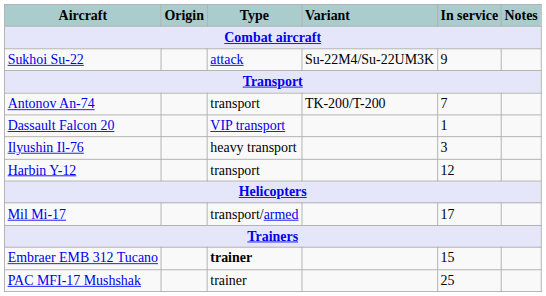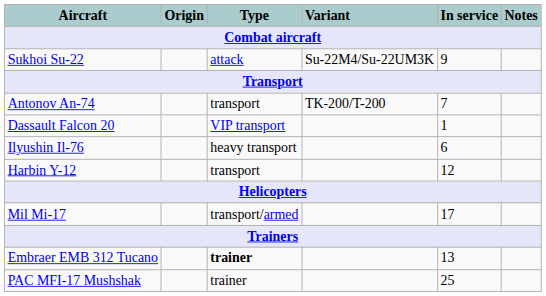 <table class="wikitable">
 <tr>
 <th style="text-align:center; background:#acc;">Aircraft</th>
 <th style="text-align: center; background:#acc;">Origin</th>
 <th style="text-align:l center; background:#acc;">Type</th>
 <th style="text-align:left; background:#acc;">Variant</th>
 <th style="text-align:center; background:#acc;">In service</th>
 <th style="text-align: center; background:#acc;">Notes</th>
 </tr>
 <tr>
 <th style="align: center; background: lavender;" colspan="7"><a href='#'>Combat aircraft</a></th>
 </tr>
 <tr>
 <td><a href='#'>Sukhoi Su-22</a></td>
 <td></td>
 <td><a href='#'>attack</a></td>
 <td>Su-22M4/Su-22UM3K</td>
 <td>9</td>
 </tr>
 <tr>
 <th style="align: center; background: lavender;" colspan="7"><a href='#'>Transport</a></th>
 </tr>
 <tr>
 <td><a href='#'>Antonov An-74</a></td>
 <td></td>
 <td>transport</td>
 <td>TK-200/T-200</td>
 <td>7</td>
 <td></td>
 </tr>
 <tr>
 <td><a href='#'>Dassault Falcon 20</a></td>
 <td></td>
 <td><a href='#'>VIP transport</a></td>
 <td></td>
 <td>1</td>
 <td></td>
 </tr>
 <tr>
 <td><a href='#'>Ilyushin Il-76</a></td>
 <td></td>
 <td>heavy transport</td>
 <td></td>
-<td>3</td>
+<td>6</td>
 <td></td>
 </tr>
 <tr>
 <td><a href='#'>Harbin Y-12</a></td>
 <td></td>
 <td>transport</td>
 <td></td>
 <td>12</td>
 <td></td>
 </tr>
 <tr>
 <th style="align: center; background: lavender;" colspan="7"><a href='#'>Helicopters</a></th>
 </tr>
 <tr>
 <td><a href='#'>Mil Mi-17</a></td>
 <td></td>
 <td>transport/<a href='#'>armed</a></td>
 <td></td>
 <td>17</td>
 <td></td>
 </tr>
 <tr>
 <th style="align: center; background: lavender;" colspan="7"><a href='#'>Trainers</a></th>
 </tr>
 <tr>
 <td><a href='#'>Embraer EMB 312 Tucano</a></td>
 <td></td>
 <td><strong>trainer</strong></td>
 <td></td>
-<td>15</td>
+<td>13</td>
 <td></td>
 </tr>
 <tr>
 <td><a href='#'>PAC MFI-17 Mushshak</a></td>
 <td></td>
 <td>trainer</td>
 <td></td>
 <td>25</td>
 <td></td>
 </tr>
 </table>
